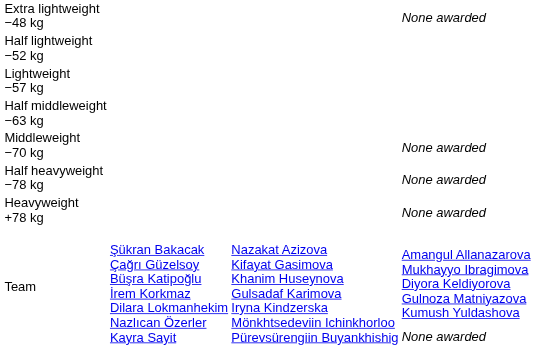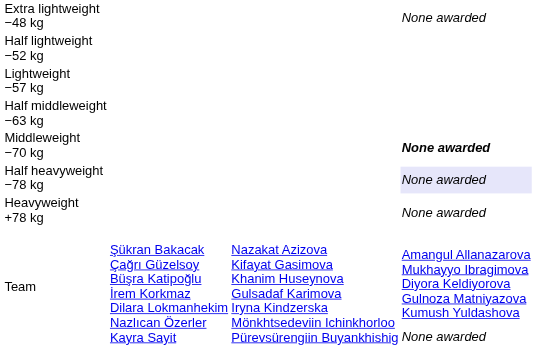 <table>
 <tr>
 <td rowspan=2>Extra lightweight<br>−48 kg</td>
 <td rowspan=2></td>
 <td rowspan=2></td>
 <td></td>
 </tr>
 <tr>
 <td><em>None awarded</em></td>
 </tr>
 <tr>
 <td rowspan=2>Half lightweight<br>−52 kg</td>
 <td rowspan=2></td>
 <td rowspan=2></td>
 <td></td>
 </tr>
 <tr>
 <td></td>
 </tr>
 <tr>
 <td rowspan=2>Lightweight<br>−57 kg</td>
 <td rowspan=2></td>
 <td rowspan=2></td>
 <td></td>
 </tr>
 <tr>
 <td></td>
 </tr>
 <tr>
 <td rowspan=2>Half middleweight<br>−63 kg</td>
 <td rowspan=2></td>
 <td rowspan=2></td>
 <td></td>
 </tr>
 <tr>
 <td></td>
 </tr>
 <tr>
 <td rowspan=2>Middleweight<br>−70 kg</td>
 <td rowspan=2></td>
 <td rowspan=2></td>
 <td></td>
 </tr>
 <tr>
-<td><em>None awarded</em></td>
+<td><strong><em>None awarded</em></strong></td>
 </tr>
 <tr>
 <td rowspan=2>Half heavyweight<br>−78 kg</td>
 <td rowspan=2></td>
 <td rowspan=2></td>
 <td></td>
 </tr>
 <tr>
-<td><em>None awarded</em></td>
+<td style="background: lavender;"><em>None awarded</em></td>
 </tr>
 <tr>
 <td rowspan=2>Heavyweight<br>+78 kg</td>
 <td rowspan=2></td>
 <td rowspan=2></td>
 <td></td>
 </tr>
 <tr>
 <td><em>None awarded</em></td>
 </tr>
 <tr>
 <td rowspan=2>Team</td>
 <td rowspan=2><br><a href='#'>Şükran Bakacak</a><br><a href='#'>Çağrı Güzelsoy</a><br><a href='#'>Büşra Katipoğlu</a><br><a href='#'>İrem Korkmaz</a><br><a href='#'>Dilara Lokmanhekim</a><br><a href='#'>Nazlıcan Özerler</a><br><a href='#'>Kayra Sayit</a></td>
 <td rowspan=2><br><a href='#'>Nazakat Azizova</a><br><a href='#'>Kifayat Gasimova</a><br><a href='#'>Khanim Huseynova</a><br><a href='#'>Gulsadaf Karimova</a><br><a href='#'>Iryna Kindzerska</a><br><a href='#'>Mönkhtsedeviin Ichinkhorloo</a><br><a href='#'>Pürevsürengiin Buyankhishig</a></td>
 <td><br><a href='#'>Amangul Allanazarova</a><br><a href='#'>Mukhayyo Ibragimova</a><br><a href='#'>Diyora Keldiyorova</a><br><a href='#'>Gulnoza Matniyazova</a><br><a href='#'>Kumush Yuldashova</a></td>
 </tr>
 <tr>
 <td><em>None awarded</em></td>
 </tr>
 </table>
